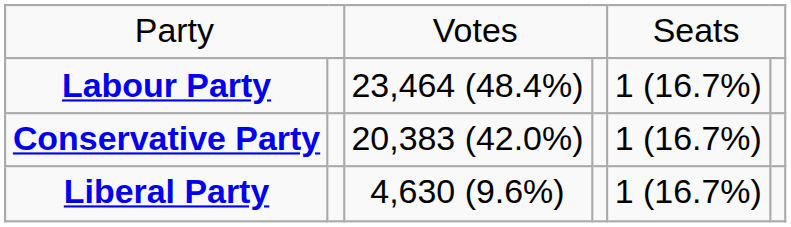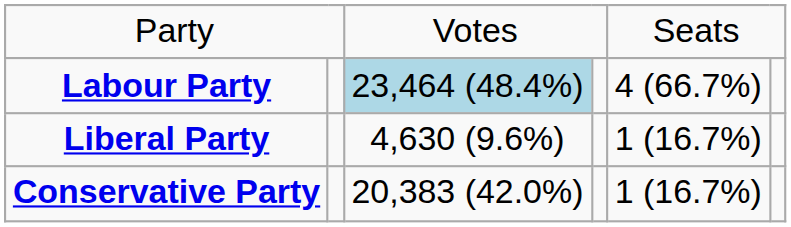 <table class=wikitable style="text-align:center;">
 <tr>
 <td colspan=2>Party</td>
 <td colspan=2>Votes</td>
 <td colspan=2>Seats</td>
 </tr>
 <tr>
 <td><strong><a href='#'>Labour Party</a></strong></td>
 <td style="background:"></td>
-<td>23,464 (48.4%)</td>
+<td style="background: lightblue;">23,464 (48.4%)</td>
+<td></td>
+<td>4 (66.7%)</td>
+<td></td>
+</tr>
+<tr>
+<td><strong><a href='#'>Liberal Party</a></strong></td>
+<td style="background:"></td>
+<td>4,630 (9.6%)</td>
 <td></td>
 <td>1 (16.7%)</td>
 <td></td>
 </tr>
 <tr>
 <td><strong><a href='#'>Conservative Party</a></strong></td>
 <td style="background:"></td>
 <td>20,383 (42.0%)</td>
 <td></td>
 <td>1 (16.7%)</td>
 <td></td>
 </tr>
-<tr>
-<td><strong><a href='#'>Liberal Party</a></strong></td>
-<td style="background:"></td>
-<td>4,630 (9.6%)</td>
-<td></td>
-<td>1 (16.7%)</td>
-<td></td>
-</tr>
 </table>
